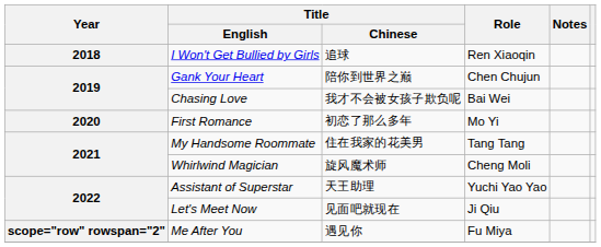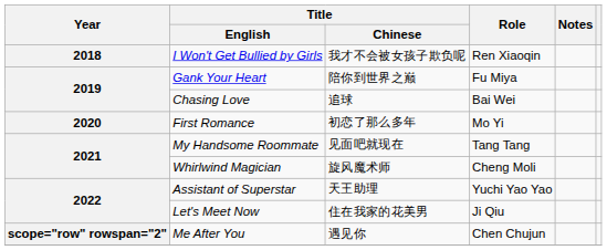 <table class="wikitable sortable plainrowheaders">
 <tr>
 <th scope="col" rowspan="2">Year</th>
 <th scope="col" colspan="2">Title</th>
 <th scope="col" rowspan="2">Role</th>
 <th scope="col" rowspan="2">Notes</th>
 <th scope="col" rowspan="2" class="unsortable"></th>
 </tr>
 <tr>
 <th scope="col">English</th>
 <th scope="col">Chinese</th>
 </tr>
 <tr>
 <th scope="row">2018</th>
 <td><em><a href='#'>I Won't Get Bullied by Girls</a></em></td>
-<td>追球</td>
+<td>我才不会被女孩子欺负呢</td>
 <td>Ren Xiaoqin</td>
 <td></td>
 <td style="text-align:center"></td>
 </tr>
 <tr>
 <th scope="row" rowspan="2">2019</th>
 <td><em><a href='#'>Gank Your Heart</a></em></td>
 <td>陪你到世界之巅</td>
-<td>Chen Chujun</td>
+<td>Fu Miya</td>
 <td></td>
 <td style="text-align:center"></td>
 </tr>
 <tr>
 <td><em>Chasing Love</em></td>
-<td>我才不会被女孩子欺负呢</td>
+<td>追球</td>
 <td>Bai Wei</td>
 <td></td>
 <td style="text-align:center"></td>
 </tr>
 <tr>
 <th scope="row">2020</th>
 <td><em>First Romance</em></td>
 <td>初恋了那么多年</td>
 <td>Mo Yi</td>
 <td></td>
 <td style="text-align:center"></td>
 </tr>
 <tr>
 <th scope="row" rowspan="2">2021</th>
 <td><em>My Handsome Roommate</em></td>
-<td>住在我家的花美男</td>
+<td>见面吧就现在</td>
 <td>Tang Tang</td>
 <td></td>
 <td style="text-align:center"></td>
 </tr>
 <tr>
 <td><em>Whirlwind Magician</em></td>
 <td>旋风魔术师</td>
 <td>Cheng Moli</td>
 <td></td>
 <td style="text-align:center"></td>
 </tr>
 <tr>
 <th scope="row" rowspan="2">2022</th>
 <td><em>Assistant of Superstar</em></td>
 <td>天王助理</td>
 <td>Yuchi Yao Yao</td>
 <td></td>
 <td style="text-align:center"></td>
 </tr>
 <tr>
 <td><em>Let's Meet Now</em></td>
-<td>见面吧就现在</td>
+<td>住在我家的花美男</td>
 <td>Ji Qiu</td>
 <td></td>
 <td style="text-align:center"></td>
 </tr>
 <tr>
 <th>scope="row" rowspan="2" </th>
 <td><em>Me After You</em></td>
 <td>遇见你</td>
-<td>Fu Miya</td>
+<td>Chen Chujun</td>
 <td></td>
 <td style="text-align:center"></td>
 </tr>
 <tr>
 </tr>
 </table>
